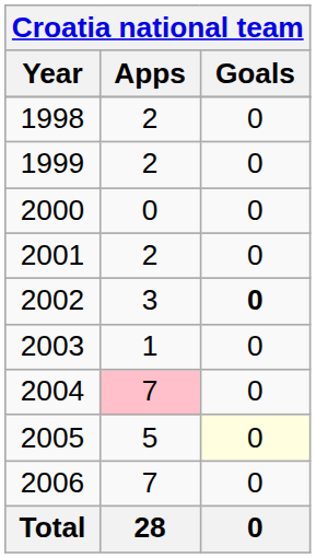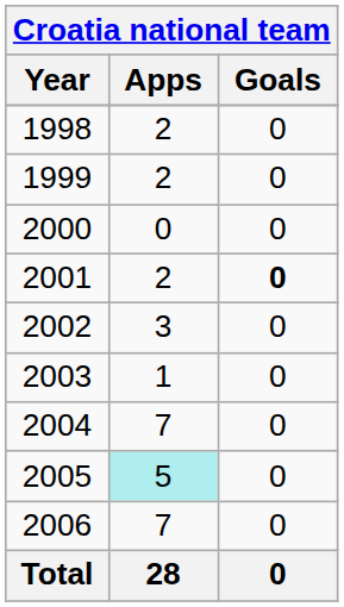 <table class="wikitable" style="text-align:center">
 <tr>
 <th colspan=3><a href='#'>Croatia national team</a></th>
 </tr>
 <tr>
 <th>Year</th>
 <th>Apps</th>
 <th>Goals</th>
 </tr>
 <tr>
 </tr>
 <tr>
 <td>1998</td>
 <td>2</td>
 <td>0</td>
 </tr>
 <tr>
 <td>1999</td>
 <td>2</td>
 <td>0</td>
 </tr>
 <tr>
 <td>2000</td>
 <td>0</td>
 <td>0</td>
 </tr>
 <tr>
 <td>2001</td>
 <td>2</td>
-<td>0</td>
+<td><strong>0</strong></td>
 </tr>
 <tr>
 <td>2002</td>
 <td>3</td>
-<td><strong>0</strong></td>
+<td>0</td>
 </tr>
 <tr>
 <td>2003</td>
 <td>1</td>
 <td>0</td>
 </tr>
 <tr>
 <td>2004</td>
-<td style="background: pink;">7</td>
+<td>7</td>
 <td>0</td>
 </tr>
 <tr>
 <td>2005</td>
-<td>5</td>
-<td style="background: lightyellow;">0</td>
+<td style="background: paleturquoise;">5</td>
+<td>0</td>
 </tr>
 <tr>
 <td>2006</td>
 <td>7</td>
 <td>0</td>
 </tr>
 <tr>
 <th>Total</th>
 <th>28</th>
 <th>0</th>
 </tr>
 </table>
